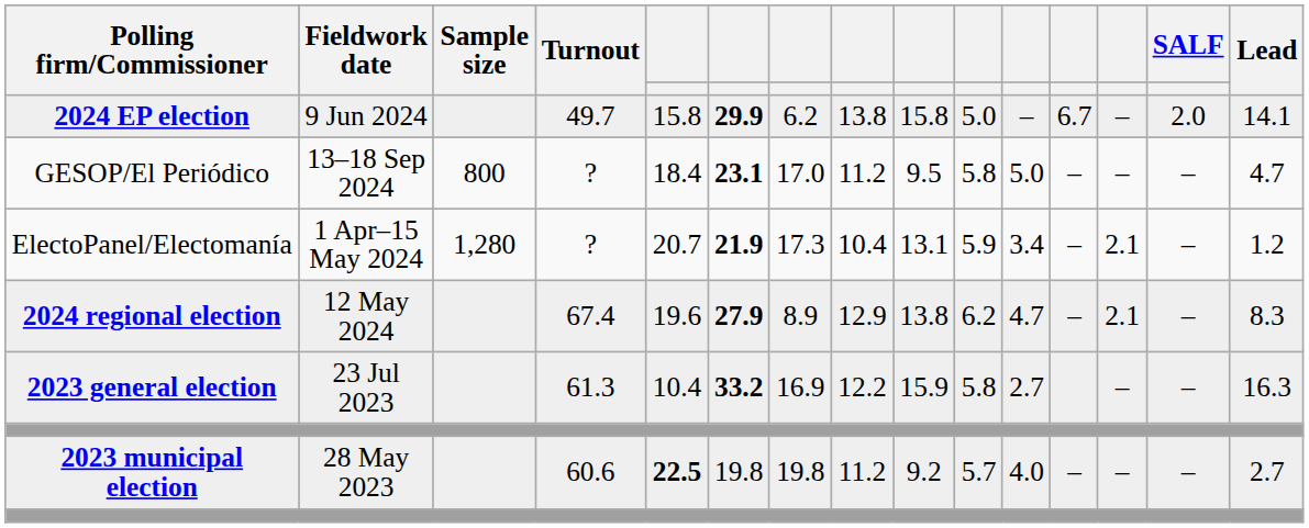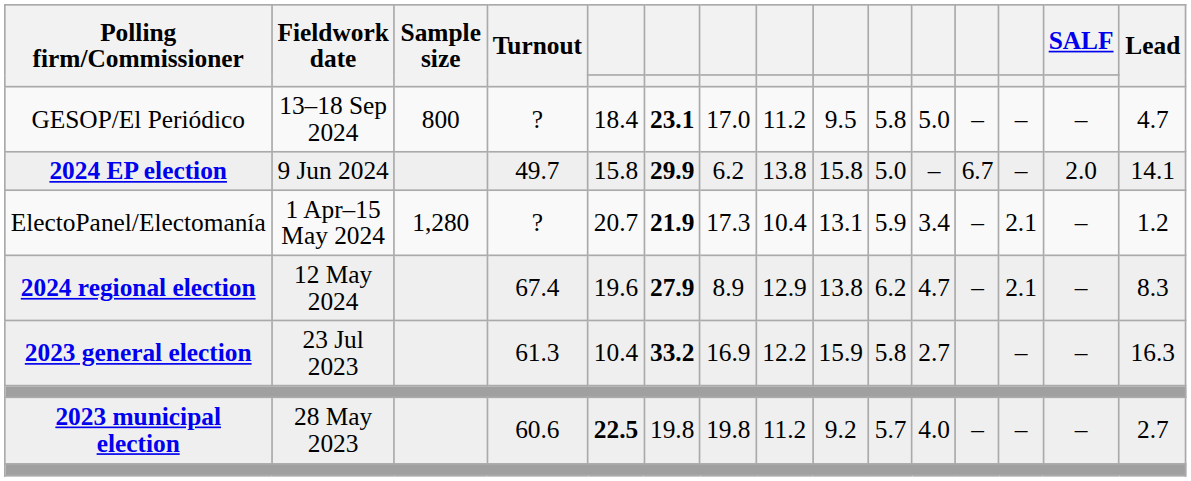 <table class="wikitable collapsible" style="text-align:center; font-size:95%; line-height:16px;">
 <tr style="height:42px;">
 <th style="width:250px;" rowspan="2">Polling firm/Commissioner</th>
 <th style="width:125px;" rowspan="2">Fieldwork date</th>
 <th style="width:50px;" rowspan="2">Sample size</th>
 <th style="width:45px;" rowspan="2">Turnout</th>
 <th style="width:35px;"></th>
 <th style="width:35px;"></th>
 <th style="width:35px;"></th>
 <th style="width:35px;"></th>
 <th style="width:35px;"></th>
 <th style="width:35px;"></th>
 <th style="width:35px;"></th>
 <th style="width:35px;"></th>
 <th style="width:35px;"></th>
 <th style="width:35px;"><a href='#'>SALF</a></th>
 <th style="width:30px;" rowspan="2">Lead</th>
 </tr>
 <tr>
 <th style="color:inherit;background:"></th>
 <th style="color:inherit;background:"></th>
 <th style="color:inherit;background:"></th>
 <th style="color:inherit;background:"></th>
 <th style="color:inherit;background:"></th>
 <th style="color:inherit;background:"></th>
 <th style="color:inherit;background:"></th>
 <th style="color:inherit;background:"></th>
 <th style="color:inherit;background:"></th>
 <th style="color:inherit;background:"></th>
 </tr>
+<tr>
+<td>GESOP/El Periódico</td>
+<td>13–18 Sep 2024</td>
+<td>800</td>
+<td>?</td>
+<td>18.4<br></td>
+<td><strong>23.1</strong><br></td>
+<td>17.0<br></td>
+<td>11.2<br></td>
+<td>9.5<br></td>
+<td>5.8<br></td>
+<td>5.0<br></td>
+<td>–</td>
+<td>–</td>
+<td>–</td>
+<td style="background:">4.7</td>
+</tr>
 <tr style="background:#EFEFEF;">
 <td><strong><a href='#'>2024 EP election</a></strong></td>
 <td>9 Jun 2024</td>
 <td></td>
 <td>49.7</td>
 <td>15.8<br></td>
 <td><strong>29.9</strong><br></td>
 <td>6.2<br></td>
 <td>13.8<br></td>
 <td>15.8<br></td>
 <td>5.0<br></td>
 <td>–</td>
 <td>6.7<br></td>
 <td>–</td>
 <td>2.0<br></td>
 <td style="background:">14.1</td>
-</tr>
-<tr>
-<td>GESOP/El Periódico</td>
-<td>13–18 Sep 2024</td>
-<td>800</td>
-<td>?</td>
-<td>18.4<br></td>
-<td><strong>23.1</strong><br></td>
-<td>17.0<br></td>
-<td>11.2<br></td>
-<td>9.5<br></td>
-<td>5.8<br></td>
-<td>5.0<br></td>
-<td>–</td>
-<td>–</td>
-<td>–</td>
-<td style="background:">4.7</td>
 </tr>
 <tr>
 <td>ElectoPanel/Electomanía</td>
 <td>1 Apr–15 May 2024</td>
 <td>1,280</td>
 <td>?</td>
 <td>20.7<br></td>
 <td><strong>21.9</strong><br></td>
 <td>17.3<br></td>
 <td>10.4<br></td>
 <td>13.1<br></td>
 <td>5.9<br></td>
 <td>3.4<br></td>
 <td>–</td>
 <td>2.1<br></td>
 <td>–</td>
 <td style="background:">1.2</td>
 </tr>
 <tr style="background:#EFEFEF;">
 <td><strong><a href='#'>2024 regional election</a></strong></td>
 <td>12 May 2024</td>
 <td></td>
 <td>67.4</td>
 <td>19.6<br></td>
 <td><strong>27.9</strong><br></td>
 <td>8.9<br></td>
 <td>12.9<br></td>
 <td>13.8<br></td>
 <td>6.2<br></td>
 <td>4.7<br></td>
 <td>–</td>
 <td>2.1<br></td>
 <td>–</td>
 <td style="background:">8.3</td>
 </tr>
 <tr style="background:#EFEFEF;">
 <td><strong><a href='#'>2023 general election</a></strong></td>
 <td>23 Jul 2023</td>
 <td></td>
 <td>61.3</td>
 <td>10.4<br></td>
 <td><strong>33.2</strong><br></td>
 <td>16.9<br></td>
 <td>12.2<br></td>
 <td>15.9<br></td>
 <td>5.8<br></td>
 <td>2.7<br></td>
 <td></td>
 <td>–</td>
 <td>–</td>
 <td style="background:">16.3</td>
 </tr>
 <tr>
 <td colspan="15" style="background:#A0A0A0"></td>
 </tr>
 <tr style="background:#EFEFEF;">
 <td><strong><a href='#'>2023 municipal election</a></strong></td>
 <td>28 May 2023</td>
 <td></td>
 <td>60.6</td>
 <td><strong>22.5</strong><br></td>
 <td>19.8<br></td>
 <td>19.8<br></td>
 <td>11.2<br></td>
 <td>9.2<br></td>
 <td>5.7<br></td>
 <td>4.0<br></td>
 <td>–</td>
 <td>–</td>
 <td>–</td>
 <td style="background:">2.7</td>
 </tr>
 <tr>
 <td colspan="15" style="background:#A0A0A0"></td>
 </tr>
 </table>
